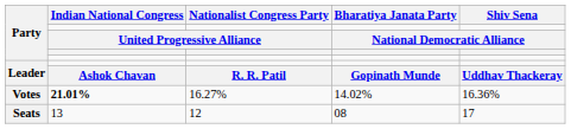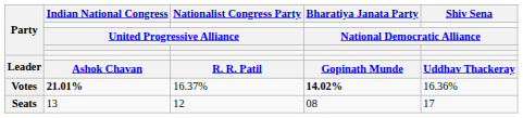 <table class="wikitable">
 <tr>
 <th rowspan="5">Party</th>
 <th><a href='#'>Indian National Congress</a></th>
 <th><a href='#'>Nationalist Congress Party</a></th>
 <th><a href='#'>Bharatiya Janata Party</a></th>
 <th><a href='#'>Shiv Sena</a></th>
 </tr>
 <tr>
 <td style="color:inherit;background-color: "></td>
 <td style="color:inherit;background-color: "></td>
 <td style="color:inherit;background-color: "></td>
 <td style="color:inherit;background-color: "></td>
 </tr>
 <tr>
 <th colspan="2"><a href='#'>United Progressive Alliance</a></th>
 <th colspan="2"><a href='#'>National Democratic Alliance</a></th>
 </tr>
 <tr>
 <th></th>
 <th></th>
 <th></th>
 <th></th>
 </tr>
 <tr>
 <td></td>
 <td></td>
 <td></td>
 <td></td>
 </tr>
 <tr>
 <th rowspan="2">Leader</th>
 <td></td>
 <td></td>
 <td></td>
 <td></td>
 </tr>
 <tr>
 <th><a href='#'>Ashok Chavan</a></th>
 <th><a href='#'>R. R. Patil</a></th>
 <th><a href='#'>Gopinath Munde</a></th>
 <th><a href='#'>Uddhav Thackeray</a></th>
 </tr>
 <tr>
 <th>Votes</th>
 <td><strong>21.01%</strong></td>
-<td>16.27%</td>
-<td>14.02%</td>
+<td>16.37%</td>
+<td><strong>14.02%</strong></td>
 <td>16.36%</td>
 </tr>
 <tr>
 <th>Seats</th>
 <td> 13</td>
 <td> 12</td>
 <td> 08</td>
 <td> 17</td>
 </tr>
 </table>
